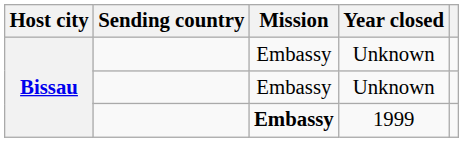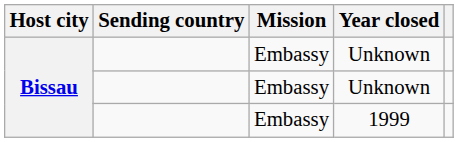 <table class="wikitable plainrowheaders">
 <tr>
 <th scope="col">Host city</th>
 <th scope="col">Sending country</th>
 <th scope="col">Mission</th>
 <th scope="col">Year closed</th>
 <th scope="col"></th>
 </tr>
 <tr>
 <th rowspan="3"><a href='#'>Bissau</a></th>
 <td></td>
 <td style="text-align:center;">Embassy</td>
 <td style="text-align:center;">Unknown</td>
 <td style="text-align:center;"></td>
 </tr>
 <tr>
 <td></td>
 <td style="text-align:center;">Embassy</td>
 <td style="text-align:center;">Unknown</td>
 <td style="text-align:center;"></td>
 </tr>
 <tr>
 <td></td>
-<td style="text-align:center;"><strong>Embassy</strong></td>
+<td style="text-align:center;">Embassy</td>
 <td style="text-align:center;">1999</td>
 <td style="text-align:center;"></td>
 </tr>
 </table>
